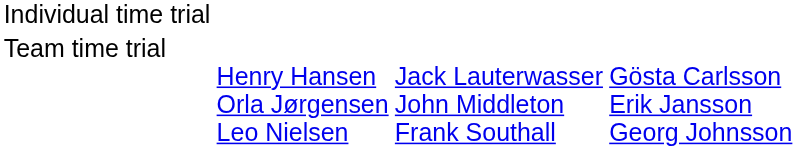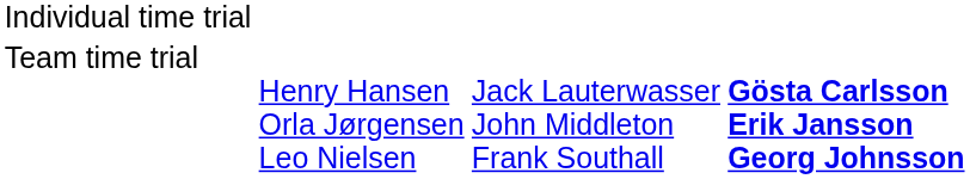 <table>
 <tr>
 <td>Individual time trial<br></td>
 <td></td>
 <td></td>
 <td></td>
 </tr>
 <tr valign="top">
 <td>Team time trial<br></td>
 <td><br><a href='#'>Henry Hansen</a><br><a href='#'>Orla Jørgensen</a><br><a href='#'>Leo Nielsen</a></td>
 <td><br><a href='#'>Jack Lauterwasser</a><br><a href='#'>John Middleton</a><br><a href='#'>Frank Southall</a></td>
-<td><br><a href='#'>Gösta Carlsson</a><br><a href='#'>Erik Jansson</a><br><a href='#'>Georg Johnsson</a></td>
+<td><strong><br><a href='#'>Gösta Carlsson</a><br><a href='#'>Erik Jansson</a><br><a href='#'>Georg Johnsson</a></strong></td>
 </tr>
 </table>
